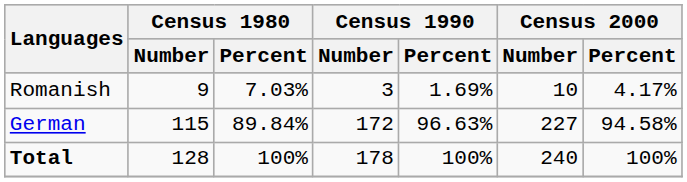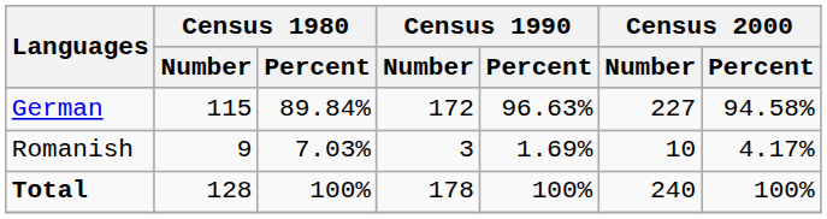 <table class="wikitable">
 <tr ---->
 <th rowspan="2">Languages</th>
 <th colspan="2">Census 1980</th>
 <th colspan="2">Census 1990</th>
 <th colspan="2">Census 2000</th>
 </tr>
 <tr ---->
 <th>Number</th>
 <th>Percent</th>
 <th>Number</th>
 <th>Percent</th>
 <th>Number</th>
 <th>Percent</th>
 </tr>
 <tr ---->
+<td><a href='#'>German</a></td>
+<td align=right>115</td>
+<td align=right>89.84%</td>
+<td align=right>172</td>
+<td align=right>96.63%</td>
+<td align=right>227</td>
+<td align=right>94.58%</td>
+</tr>
+<tr ---->
 <td>Romanish</td>
 <td align=right>9</td>
 <td align=right>7.03%</td>
 <td align=right>3</td>
 <td align=right>1.69%</td>
 <td align=right>10</td>
 <td align=right>4.17%</td>
-</tr>
-<tr ---->
-<td><a href='#'>German</a></td>
-<td align=right>115</td>
-<td align=right>89.84%</td>
-<td align=right>172</td>
-<td align=right>96.63%</td>
-<td align=right>227</td>
-<td align=right>94.58%</td>
 </tr>
 <tr ---->
 <td><strong>Total</strong></td>
 <td align=right>128</td>
 <td align=right>100%</td>
 <td align=right>178</td>
 <td align=right>100%</td>
 <td align=right>240</td>
 <td align=right>100%</td>
 </tr>
 <tr>
 </tr>
 </table>
